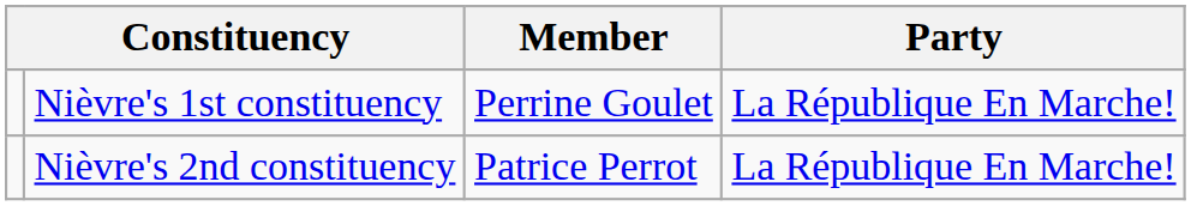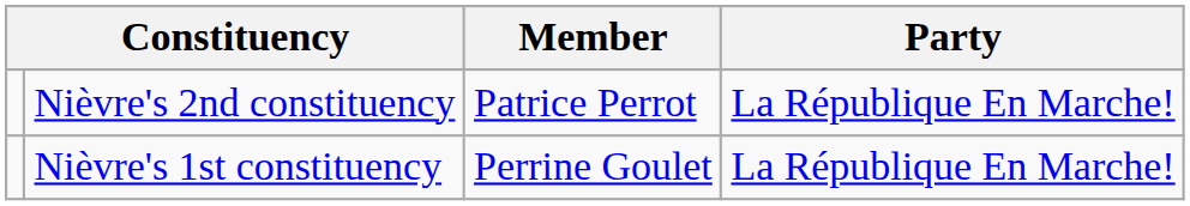 <table class="wikitable">
 <tr>
 <th colspan="2">Constituency</th>
 <th>Member</th>
 <th>Party</th>
 </tr>
 <tr>
 <td style="background-color: "></td>
+<td><a href='#'>Nièvre's 2nd constituency</a></td>
+<td><a href='#'>Patrice Perrot</a></td>
+<td><a href='#'>La République En Marche!</a></td>
+</tr>
+<tr>
+<td style="background-color: "></td>
 <td><a href='#'>Nièvre's 1st constituency</a></td>
 <td><a href='#'>Perrine Goulet</a></td>
 <td><a href='#'>La République En Marche!</a></td>
 </tr>
-<tr>
-<td style="background-color: "></td>
-<td><a href='#'>Nièvre's 2nd constituency</a></td>
-<td><a href='#'>Patrice Perrot</a></td>
-<td><a href='#'>La République En Marche!</a></td>
-</tr>
 </table>
